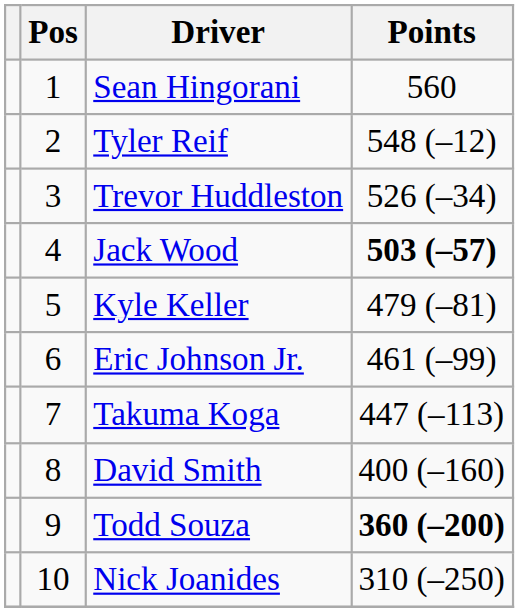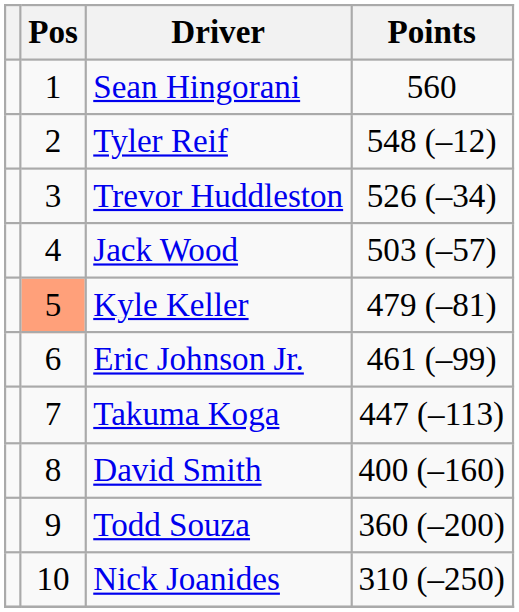 <table class="wikitable" style="font-size: 95%;">
 <tr>
 <th></th>
 <th>Pos</th>
 <th>Driver</th>
 <th>Points</th>
 </tr>
 <tr>
 <td align="left"></td>
 <td style="text-align:center;">1</td>
 <td><a href='#'>Sean Hingorani</a></td>
 <td style="text-align:center;">560</td>
 </tr>
 <tr>
 <td align="left"></td>
 <td style="text-align:center;">2</td>
 <td><a href='#'>Tyler Reif</a></td>
 <td style="text-align:center;">548 (–12)</td>
 </tr>
 <tr>
 <td align="left"></td>
 <td style="text-align:center;">3</td>
 <td><a href='#'>Trevor Huddleston</a></td>
 <td style="text-align:center;">526 (–34)</td>
 </tr>
 <tr>
 <td align="left"></td>
 <td style="text-align:center;">4</td>
 <td><a href='#'>Jack Wood</a></td>
-<td style="text-align:center;"><strong>503 (–57)</strong></td>
+<td style="text-align:center;">503 (–57)</td>
 </tr>
 <tr>
 <td align="left"></td>
-<td style="text-align:center;">5</td>
+<td style="background: lightsalmon; text-align:center;">5</td>
 <td><a href='#'>Kyle Keller</a></td>
 <td style="text-align:center;">479 (–81)</td>
 </tr>
 <tr>
 <td align="left"></td>
 <td style="text-align:center;">6</td>
 <td><a href='#'>Eric Johnson Jr.</a></td>
 <td style="text-align:center;">461 (–99)</td>
 </tr>
 <tr>
 <td align="left"></td>
 <td style="text-align:center;">7</td>
 <td><a href='#'>Takuma Koga</a></td>
 <td style="text-align:center;">447 (–113)</td>
 </tr>
 <tr>
 <td align="left"></td>
 <td style="text-align:center;">8</td>
 <td><a href='#'>David Smith</a></td>
 <td style="text-align:center;">400 (–160)</td>
 </tr>
 <tr>
 <td align="left"></td>
 <td style="text-align:center;">9</td>
 <td><a href='#'>Todd Souza</a></td>
-<td style="text-align:center;"><strong>360 (–200)</strong></td>
+<td style="text-align:center;">360 (–200)</td>
 </tr>
 <tr>
 <td align="left"></td>
 <td style="text-align:center;">10</td>
 <td><a href='#'>Nick Joanides</a></td>
 <td style="text-align:center;">310 (–250)</td>
 </tr>
 <tr class="sortbottom">
 </tr>
 </table>
